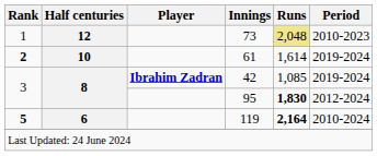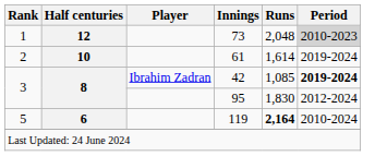 <table class="wikitable plainrowheaders sortable">
 <tr>
 <th scope=col>Rank</th>
 <th scope=col>Half centuries</th>
 <th scope=col>Player</th>
 <th scope=col>Innings</th>
 <th scope=col>Runs</th>
 <th scope=col>Period</th>
 </tr>
 <tr>
 <td align=center>1</td>
 <th scope=row style=text-align:center;>12</th>
 <td></td>
 <td align=center>73</td>
-<td align="center" style="background: khaki;">2,048</td>
-<td>2010-2023</td>
+<td align="center">2,048</td>
+<td style="background: lightgrey;">2010-2023</td>
 </tr>
 <tr>
-<td align="center"><strong>2</strong></td>
+<td align="center">2</td>
 <th scope=row style=text-align:center;>10</th>
 <td></td>
 <td align="center">61</td>
 <td align="center">1,614</td>
 <td>2019-2024</td>
 </tr>
 <tr>
 <td align=center rowspan=2>3</td>
 <th scope=row style=text-align:center; rowspan=2>8</th>
-<td><strong><a href='#'>Ibrahim Zadran</a></strong></td>
+<td><a href='#'>Ibrahim Zadran</a></td>
 <td align="center">42</td>
 <td align="center">1,085</td>
-<td>2019-2024</td>
+<td><strong>2019-2024</strong></td>
 </tr>
 <tr>
 <td></td>
 <td align="center">95</td>
-<td align="center"><strong>1,830</strong></td>
+<td align="center">1,830</td>
 <td>2012-2024</td>
 </tr>
 <tr>
-<td align=center><strong>5</strong></td>
+<td align=center>5</td>
 <th scope=row style=text-align:center;>6</th>
 <td></td>
 <td align="center">119</td>
 <td align="center"><strong>2,164</strong></td>
 <td>2010-2024</td>
 </tr>
 <tr>
 </tr>
 <tr class="sortbottom">
 <td colspan="6"><small>Last Updated: 24 June 2024</small></td>
 </tr>
 </table>
